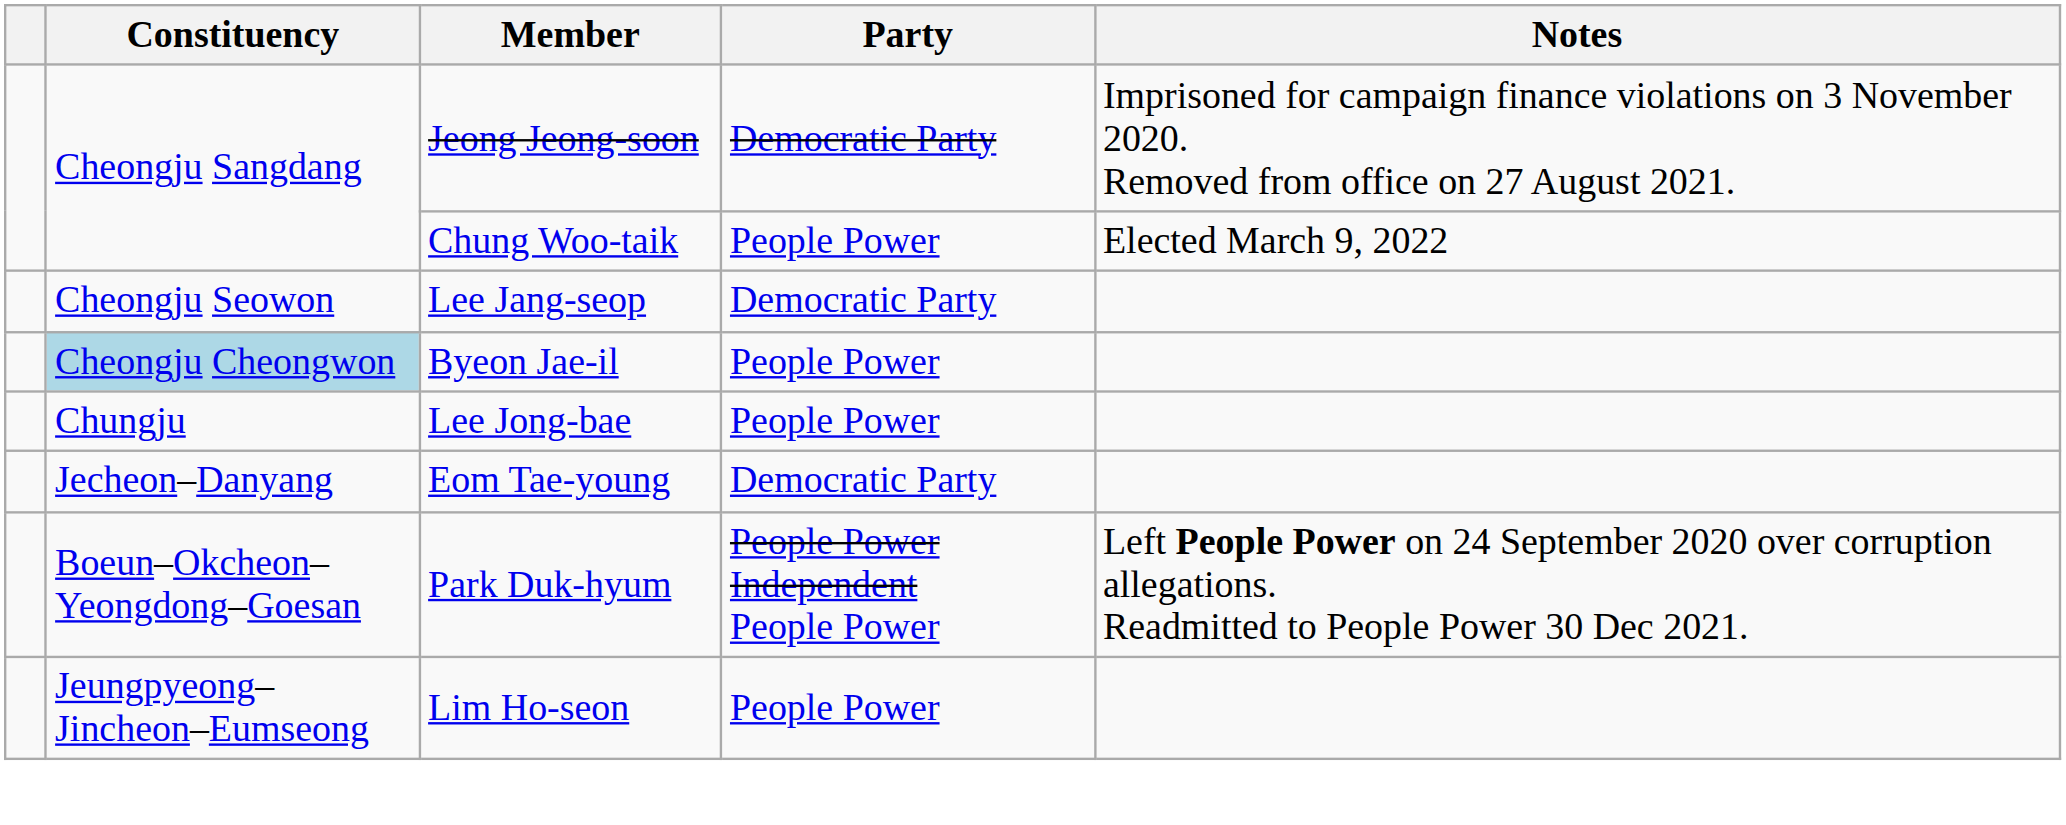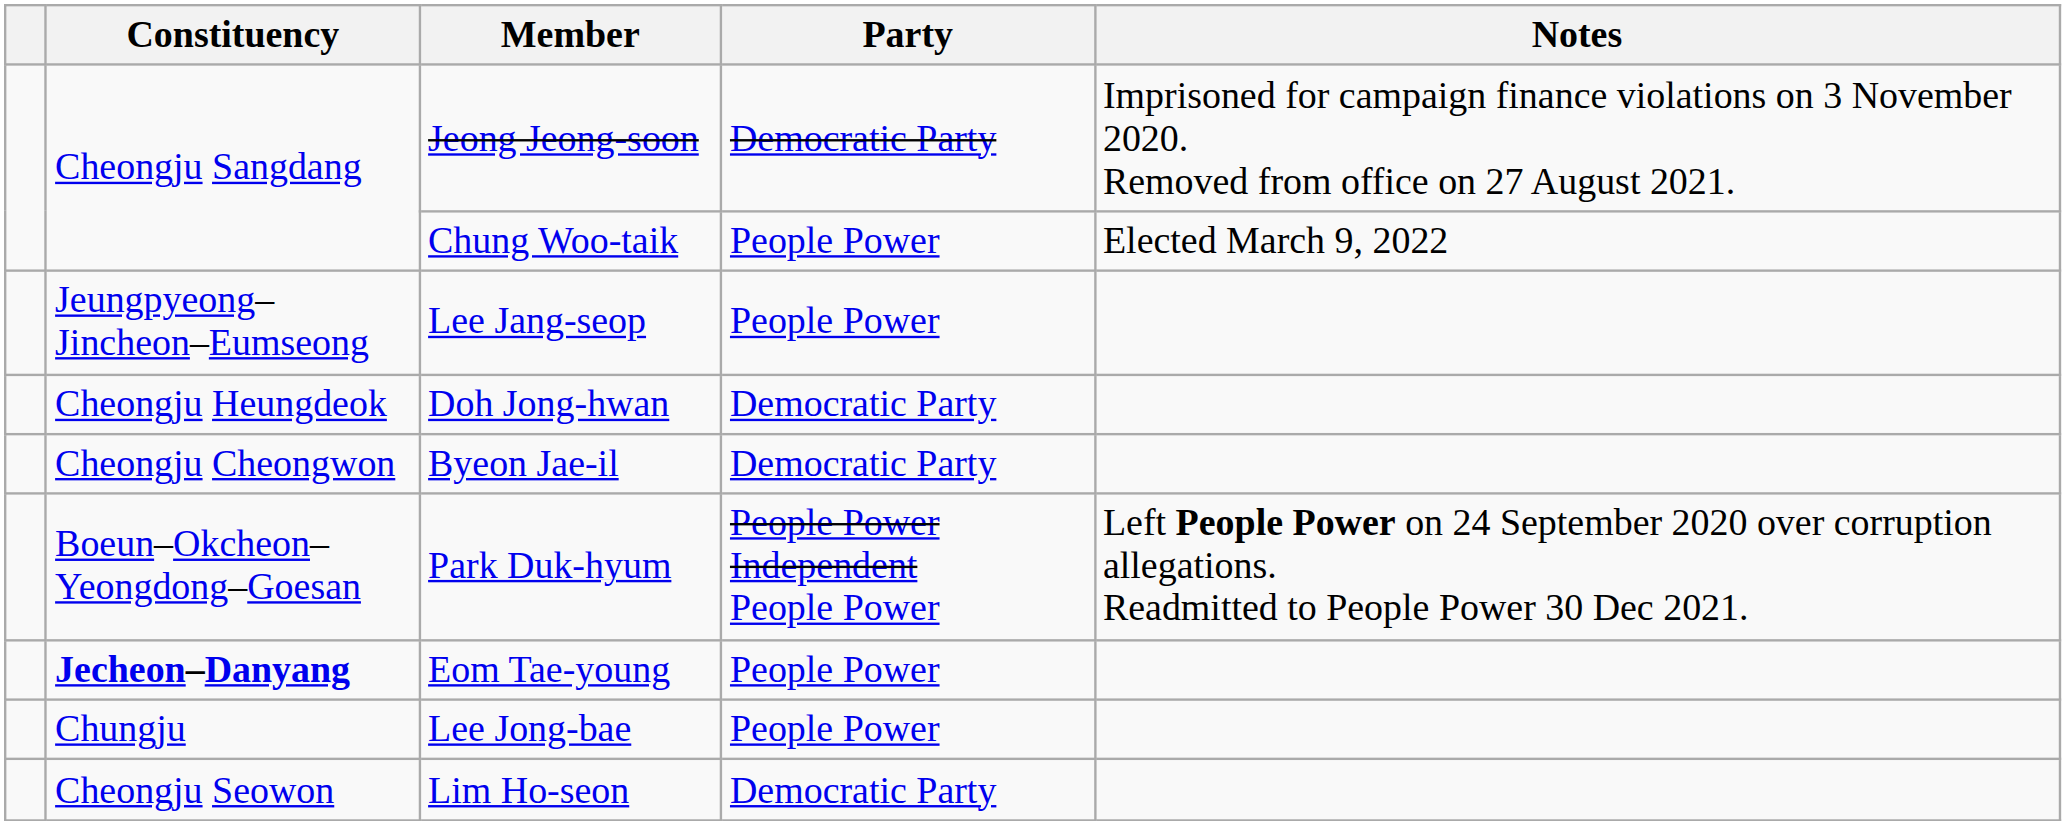 <table class="wikitable sortable">
 <tr>
 <th scope="col" style="width:10px;" class="unsortable"></th>
 <th scope="col" style="width:150px;">Constituency</th>
 <th scope="col" style="width:120px;">Member</th>
 <th scope="col" style="width:150px;">Party</th>
 <th scope="col" style="width:400px;" class="unsortable">Notes</th>
 </tr>
 <tr>
 <td rowspan="2" scope="row" style="background-color:"></td>
 <td rowspan="2"><a href='#'>Cheongju</a> <a href='#'>Sangdang</a></td>
 <td><s><a href='#'>Jeong Jeong-soon</a> </s></td>
 <td><s><a href='#'>Democratic Party</a></s></td>
 <td>Imprisoned for campaign finance violations on 3 November 2020.<br>Removed from office on 27 August 2021.</td>
 </tr>
 <tr>
 <td><a href='#'>Chung Woo-taik</a></td>
 <td><a href='#'>People Power</a></td>
 <td>Elected March 9, 2022</td>
 </tr>
 <tr>
 <td scope="row" style="background-color:"></td>
-<td><a href='#'>Cheongju</a> <a href='#'>Seowon</a></td>
+<td><a href='#'>Jeungpyeong</a>–<a href='#'>Jincheon</a>–<a href='#'>Eumseong</a></td>
 <td><a href='#'>Lee Jang-seop</a></td>
+<td><a href='#'>People Power</a></td>
+<td></td>
+</tr>
+<tr>
+<td scope="row" style="background-color:"></td>
+<td><a href='#'>Cheongju</a> <a href='#'>Heungdeok</a></td>
+<td><a href='#'>Doh Jong-hwan</a></td>
 <td><a href='#'>Democratic Party</a></td>
 <td></td>
 </tr>
 <tr>
 <td scope="row" style="background-color:"></td>
-<td style="background: lightblue;"><a href='#'>Cheongju</a> <a href='#'>Cheongwon</a></td>
+<td><a href='#'>Cheongju</a> <a href='#'>Cheongwon</a></td>
 <td><a href='#'>Byeon Jae-il</a></td>
+<td><a href='#'>Democratic Party</a></td>
+<td></td>
+</tr>
+<tr>
+<td scope="row" style="background-color:"></td>
+<td><a href='#'>Boeun</a>–<a href='#'>Okcheon</a>–<a href='#'>Yeongdong</a>–<a href='#'>Goesan</a></td>
+<td><a href='#'>Park Duk-hyum</a></td>
+<td><s><a href='#'>People Power</a></s><br><s><a href='#'>Independent</a></s><br><a href='#'>People Power</a></td>
+<td>Left <strong>People Power</strong> on 24 September 2020 over corruption allegations.<br> Readmitted to People Power 30 Dec 2021.</td>
+</tr>
+<tr>
+<td scope="row" style="background-color:"></td>
+<td><strong><a href='#'>Jecheon</a>–<a href='#'>Danyang</a></strong></td>
+<td><a href='#'>Eom Tae-young</a></td>
 <td><a href='#'>People Power</a></td>
 <td></td>
 </tr>
 <tr>
 <td scope="row" style="background-color:"></td>
 <td><a href='#'>Chungju</a></td>
 <td><a href='#'>Lee Jong-bae</a></td>
 <td><a href='#'>People Power</a></td>
 <td></td>
 </tr>
 <tr>
 <td scope="row" style="background-color:"></td>
-<td><a href='#'>Jecheon</a>–<a href='#'>Danyang</a></td>
-<td><a href='#'>Eom Tae-young</a></td>
+<td><a href='#'>Cheongju</a> <a href='#'>Seowon</a></td>
+<td><a href='#'>Lim Ho-seon</a></td>
 <td><a href='#'>Democratic Party</a></td>
 <td></td>
 </tr>
-<tr>
-<td scope="row" style="background-color:"></td>
-<td><a href='#'>Boeun</a>–<a href='#'>Okcheon</a>–<a href='#'>Yeongdong</a>–<a href='#'>Goesan</a></td>
-<td><a href='#'>Park Duk-hyum</a></td>
-<td><s><a href='#'>People Power</a></s><br><s><a href='#'>Independent</a></s><br><a href='#'>People Power</a></td>
-<td>Left <strong>People Power</strong> on 24 September 2020 over corruption allegations.<br> Readmitted to People Power 30 Dec 2021.</td>
-</tr>
-<tr>
-<td scope="row" style="background-color:"></td>
-<td><a href='#'>Jeungpyeong</a>–<a href='#'>Jincheon</a>–<a href='#'>Eumseong</a></td>
-<td><a href='#'>Lim Ho-seon</a></td>
-<td><a href='#'>People Power</a></td>
-<td></td>
-</tr>
 </table>
